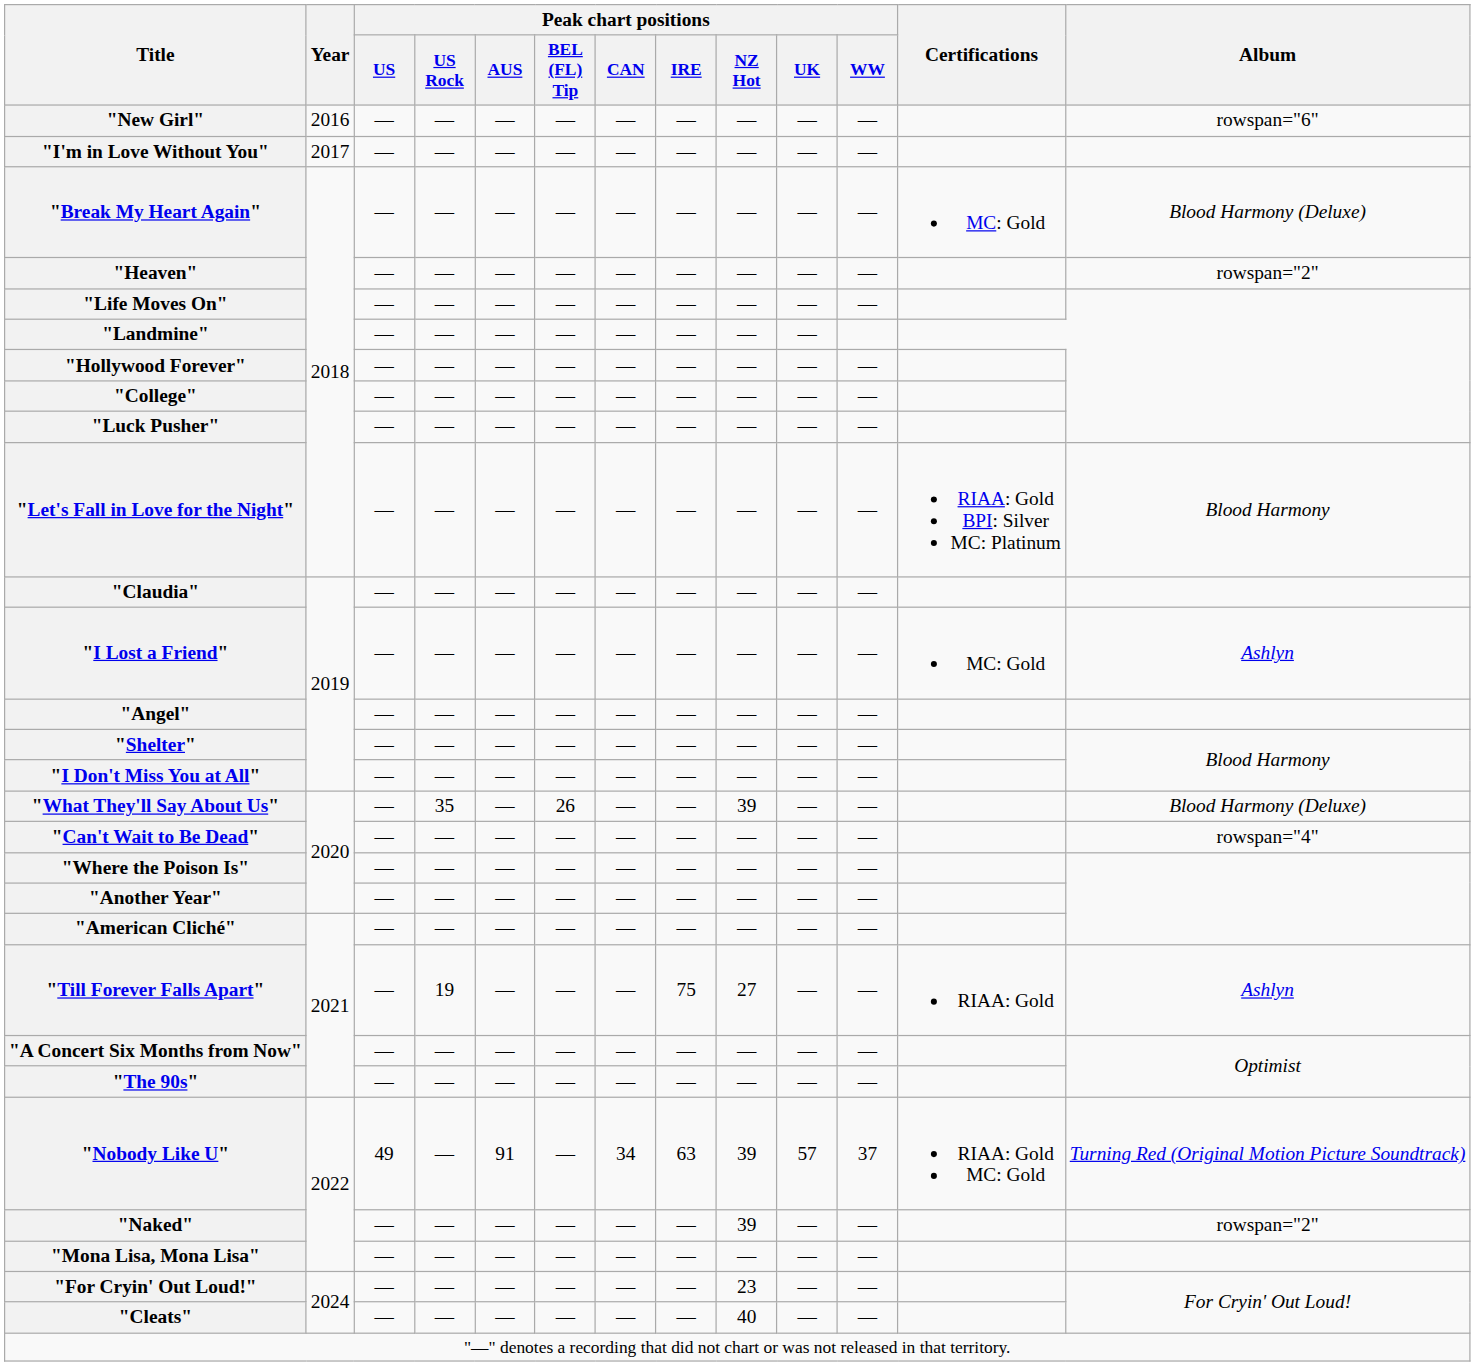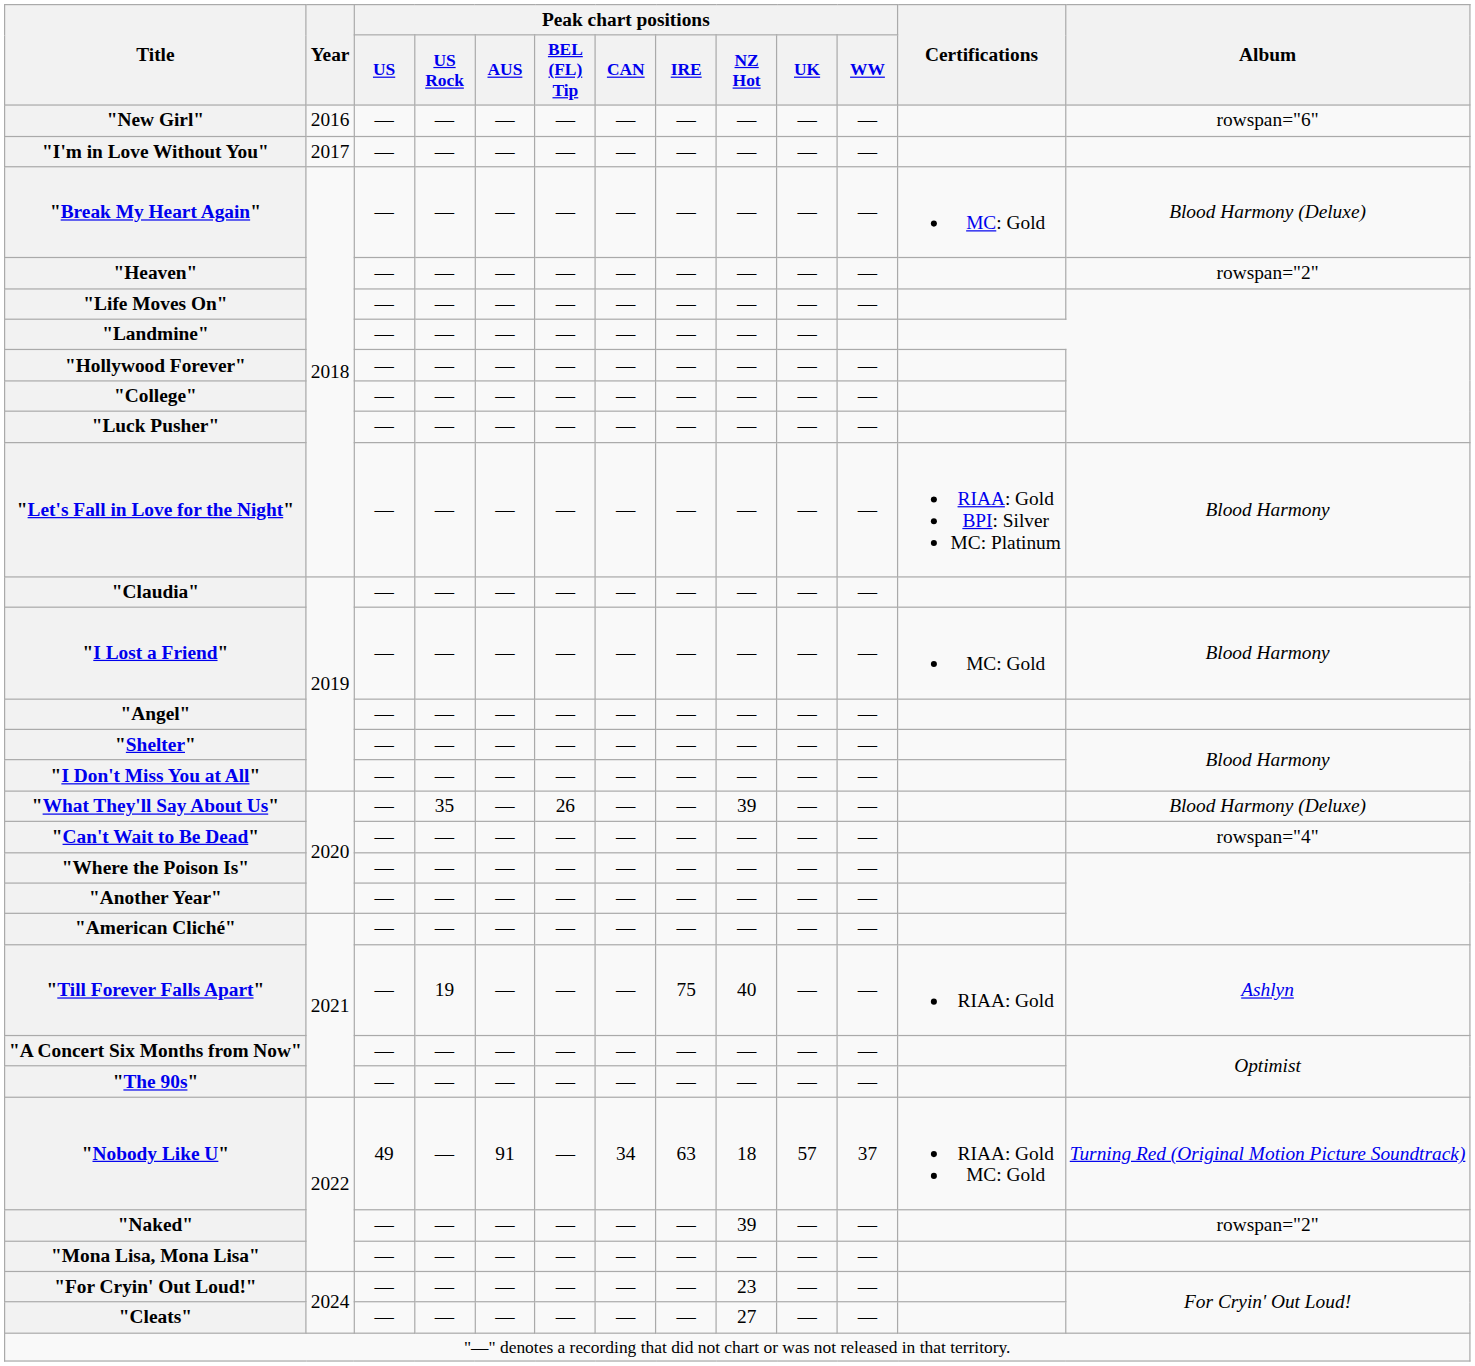 <table class="wikitable plainrowheaders" style="text-align:center;">
 <tr>
 <th scope="col" rowspan="2">Title</th>
 <th scope="col" rowspan="2">Year</th>
 <th scope="col" colspan="9">Peak chart positions</th>
 <th scope="col" rowspan="2">Certifications</th>
 <th scope="col" rowspan="2">Album</th>
 </tr>
 <tr>
 <th scope="col" style="width:3em;font-size:90%;"><a href='#'>US</a><br></th>
 <th scope="col" style="width:3em;font-size:90%;"><a href='#'>US<br>Rock</a><br></th>
 <th scope="col" style="width:3em;font-size:90%;"><a href='#'>AUS</a><br></th>
 <th scope="col" style="width:3em;font-size:90%;"><a href='#'>BEL<br>(FL)<br>Tip</a><br></th>
 <th scope="col" style="width:3em;font-size:90%;"><a href='#'>CAN</a><br></th>
 <th scope="col" style="width:3em;font-size:90%;"><a href='#'>IRE</a><br></th>
 <th scope="col" style="width:3em;font-size:90%;"><a href='#'>NZ<br>Hot</a><br></th>
 <th scope="col" style="width:3em;font-size:90%;"><a href='#'>UK</a><br></th>
 <th scope="col" style="width:3em;font-size:90%;"><a href='#'>WW</a><br></th>
 </tr>
 <tr>
 <th scope="row">"New Girl"</th>
 <td>2016</td>
 <td>—</td>
 <td>—</td>
 <td>—</td>
 <td>—</td>
 <td>—</td>
 <td>—</td>
 <td>—</td>
 <td>—</td>
 <td>—</td>
 <td></td>
 <td>rowspan="6" </td>
 </tr>
 <tr>
 <th scope="row">"I'm in Love Without You"</th>
 <td>2017</td>
 <td>—</td>
 <td>—</td>
 <td>—</td>
 <td>—</td>
 <td>—</td>
 <td>—</td>
 <td>—</td>
 <td>—</td>
 <td>—</td>
 <td></td>
 </tr>
 <tr>
 <th scope="row">"<a href='#'>Break My Heart Again</a>"</th>
 <td rowspan="8">2018</td>
 <td>—</td>
 <td>—</td>
 <td>—</td>
 <td>—</td>
 <td>—</td>
 <td>—</td>
 <td>—</td>
 <td>—</td>
 <td>—</td>
 <td><br><ul><li><a href='#'>MC</a>: Gold</li></ul></td>
 <td><em>Blood Harmony (Deluxe)</em></td>
 </tr>
 <tr>
 <th scope="row">"Heaven"</th>
 <td>—</td>
 <td>—</td>
 <td>—</td>
 <td>—</td>
 <td>—</td>
 <td>—</td>
 <td>—</td>
 <td>—</td>
 <td>—</td>
 <td></td>
 <td>rowspan="2" </td>
 </tr>
 <tr>
 <th scope="row">"Life Moves On"</th>
 <td>—</td>
 <td>—</td>
 <td>—</td>
 <td>—</td>
 <td>—</td>
 <td>—</td>
 <td>—</td>
 <td>—</td>
 <td>—</td>
 <td></td>
 </tr>
 <tr>
 <th scope="row">"Landmine"</th>
 <td>—</td>
 <td>—</td>
 <td>—</td>
 <td>—</td>
 <td>—</td>
 <td>—</td>
 <td>—</td>
 <td>—</td>
 <td></td>
 </tr>
 <tr>
 <th scope="row">"Hollywood Forever"</th>
 <td>—</td>
 <td>—</td>
 <td>—</td>
 <td>—</td>
 <td>—</td>
 <td>—</td>
 <td>—</td>
 <td>—</td>
 <td>—</td>
 <td></td>
 </tr>
 <tr>
 <th scope="row">"College"</th>
 <td>—</td>
 <td>—</td>
 <td>—</td>
 <td>—</td>
 <td>—</td>
 <td>—</td>
 <td>—</td>
 <td>—</td>
 <td>—</td>
 <td></td>
 </tr>
 <tr>
 <th scope="row">"Luck Pusher"</th>
 <td>—</td>
 <td>—</td>
 <td>—</td>
 <td>—</td>
 <td>—</td>
 <td>—</td>
 <td>—</td>
 <td>—</td>
 <td>—</td>
 <td></td>
 </tr>
 <tr>
 <th scope="row">"<a href='#'>Let's Fall in Love for the Night</a>"</th>
 <td>—</td>
 <td>—</td>
 <td>—</td>
 <td>—</td>
 <td>—</td>
 <td>—</td>
 <td>—</td>
 <td>—</td>
 <td>—</td>
 <td><br><ul><li><a href='#'>RIAA</a>: Gold</li><li><a href='#'>BPI</a>: Silver</li><li>MC: Platinum</li></ul></td>
 <td><em>Blood Harmony</em></td>
 </tr>
 <tr>
 <th scope="row">"Claudia"</th>
 <td rowspan="5">2019</td>
 <td>—</td>
 <td>—</td>
 <td>—</td>
 <td>—</td>
 <td>—</td>
 <td>—</td>
 <td>—</td>
 <td>—</td>
 <td>—</td>
 <td></td>
 <td></td>
 </tr>
 <tr>
 <th scope="row">"<a href='#'>I Lost a Friend</a>"</th>
 <td>—</td>
 <td>—</td>
 <td>—</td>
 <td>—</td>
 <td>—</td>
 <td>—</td>
 <td>—</td>
 <td>—</td>
 <td>—</td>
 <td><br><ul><li>MC: Gold</li></ul></td>
-<td><em><a href='#'>Ashlyn</a></em></td>
+<td><em>Blood Harmony</em></td>
 </tr>
 <tr>
 <th scope="row">"Angel"</th>
 <td>—</td>
 <td>—</td>
 <td>—</td>
 <td>—</td>
 <td>—</td>
 <td>—</td>
 <td>—</td>
 <td>—</td>
 <td>—</td>
 <td></td>
 <td></td>
 </tr>
 <tr>
 <th scope="row">"<a href='#'>Shelter</a>"</th>
 <td>—</td>
 <td>—</td>
 <td>—</td>
 <td>—</td>
 <td>—</td>
 <td>—</td>
 <td>—</td>
 <td>—</td>
 <td>—</td>
 <td></td>
 <td rowspan="2"><em>Blood Harmony</em></td>
 </tr>
 <tr>
 <th scope="row">"<a href='#'>I Don't Miss You at All</a>"</th>
 <td>—</td>
 <td>—</td>
 <td>—</td>
 <td>—</td>
 <td>—</td>
 <td>—</td>
 <td>—</td>
 <td>—</td>
 <td>—</td>
 <td></td>
 </tr>
 <tr>
 <th scope="row">"<a href='#'>What They'll Say About Us</a>"</th>
 <td rowspan="4">2020</td>
 <td>—</td>
 <td>35</td>
 <td>—</td>
 <td>26</td>
 <td>—</td>
 <td>—</td>
 <td>39</td>
 <td>—</td>
 <td>—</td>
 <td></td>
 <td><em>Blood Harmony (Deluxe)</em></td>
 </tr>
 <tr>
 <th scope="row">"<a href='#'>Can't Wait to Be Dead</a>"</th>
 <td>—</td>
 <td>—</td>
 <td>—</td>
 <td>—</td>
 <td>—</td>
 <td>—</td>
 <td>—</td>
 <td>―</td>
 <td>—</td>
 <td></td>
 <td>rowspan="4" </td>
 </tr>
 <tr>
 <th scope="row">"Where the Poison Is"</th>
 <td>—</td>
 <td>—</td>
 <td>—</td>
 <td>—</td>
 <td>—</td>
 <td>—</td>
 <td>—</td>
 <td>—</td>
 <td>—</td>
 <td></td>
 </tr>
 <tr>
 <th scope="row">"Another Year"</th>
 <td>—</td>
 <td>—</td>
 <td>—</td>
 <td>—</td>
 <td>—</td>
 <td>—</td>
 <td>—</td>
 <td>—</td>
 <td>—</td>
 <td></td>
 </tr>
 <tr>
 <th scope="row">"American Cliché"</th>
 <td rowspan="4">2021</td>
 <td>—</td>
 <td>—</td>
 <td>—</td>
 <td>—</td>
 <td>—</td>
 <td>—</td>
 <td>—</td>
 <td>—</td>
 <td>—</td>
 <td></td>
 </tr>
 <tr>
 <th scope="row">"<a href='#'>Till Forever Falls Apart</a>"<br></th>
 <td>—</td>
 <td>19</td>
 <td>—</td>
 <td>—</td>
 <td>—</td>
 <td>75</td>
-<td>27</td>
+<td>40</td>
 <td>—</td>
 <td>—</td>
 <td><br><ul><li>RIAA: Gold</li></ul></td>
 <td><em><a href='#'>Ashlyn</a></em></td>
 </tr>
 <tr>
 <th scope="row">"A Concert Six Months from Now"</th>
 <td>—</td>
 <td>—</td>
 <td>—</td>
 <td>—</td>
 <td>—</td>
 <td>—</td>
 <td>—</td>
 <td>—</td>
 <td>—</td>
 <td></td>
 <td rowspan="2"><em>Optimist</em></td>
 </tr>
 <tr>
 <th scope="row">"<a href='#'>The 90s</a>"</th>
 <td>—</td>
 <td>—</td>
 <td>—</td>
 <td>—</td>
 <td>—</td>
 <td>—</td>
 <td>—</td>
 <td>—</td>
 <td>—</td>
 <td></td>
 </tr>
 <tr>
 <th scope="row">"<a href='#'>Nobody Like U</a>"<br></th>
 <td rowspan="3">2022</td>
 <td>49</td>
 <td>—</td>
 <td>91</td>
 <td>—</td>
 <td>34</td>
 <td>63</td>
-<td>39</td>
+<td>18</td>
 <td>57</td>
 <td>37</td>
 <td><br><ul><li>RIAA: Gold</li><li>MC: Gold</li></ul></td>
 <td><em><a href='#'>Turning Red (Original Motion Picture Soundtrack)</a></em></td>
 </tr>
 <tr>
 <th scope="row">"Naked"</th>
 <td>—</td>
 <td>—</td>
 <td>—</td>
 <td>—</td>
 <td>—</td>
 <td>—</td>
 <td>39</td>
 <td>—</td>
 <td>—</td>
 <td></td>
 <td>rowspan="2" </td>
 </tr>
 <tr>
 <th scope="row">"Mona Lisa, Mona Lisa"</th>
 <td>—</td>
 <td>—</td>
 <td>—</td>
 <td>—</td>
 <td>—</td>
 <td>—</td>
 <td>—</td>
 <td>—</td>
 <td>—</td>
 <td></td>
 </tr>
 <tr>
 <th scope="row">"For Cryin' Out Loud!"</th>
 <td rowspan="2">2024</td>
 <td>—</td>
 <td>—</td>
 <td>—</td>
 <td>—</td>
 <td>—</td>
 <td>—</td>
 <td>23</td>
 <td>—</td>
 <td>—</td>
 <td></td>
 <td rowspan="2"><em>For Cryin' Out Loud!</em></td>
 </tr>
 <tr>
 <th scope="row">"Cleats"</th>
 <td>—</td>
 <td>—</td>
 <td>—</td>
 <td>—</td>
 <td>—</td>
 <td>—</td>
-<td>40</td>
+<td>27</td>
 <td>—</td>
 <td>—</td>
 <td></td>
 </tr>
 <tr>
 <td colspan="13" style="font-size:90%">"—" denotes a recording that did not chart or was not released in that territory.</td>
 </tr>
 </table>
